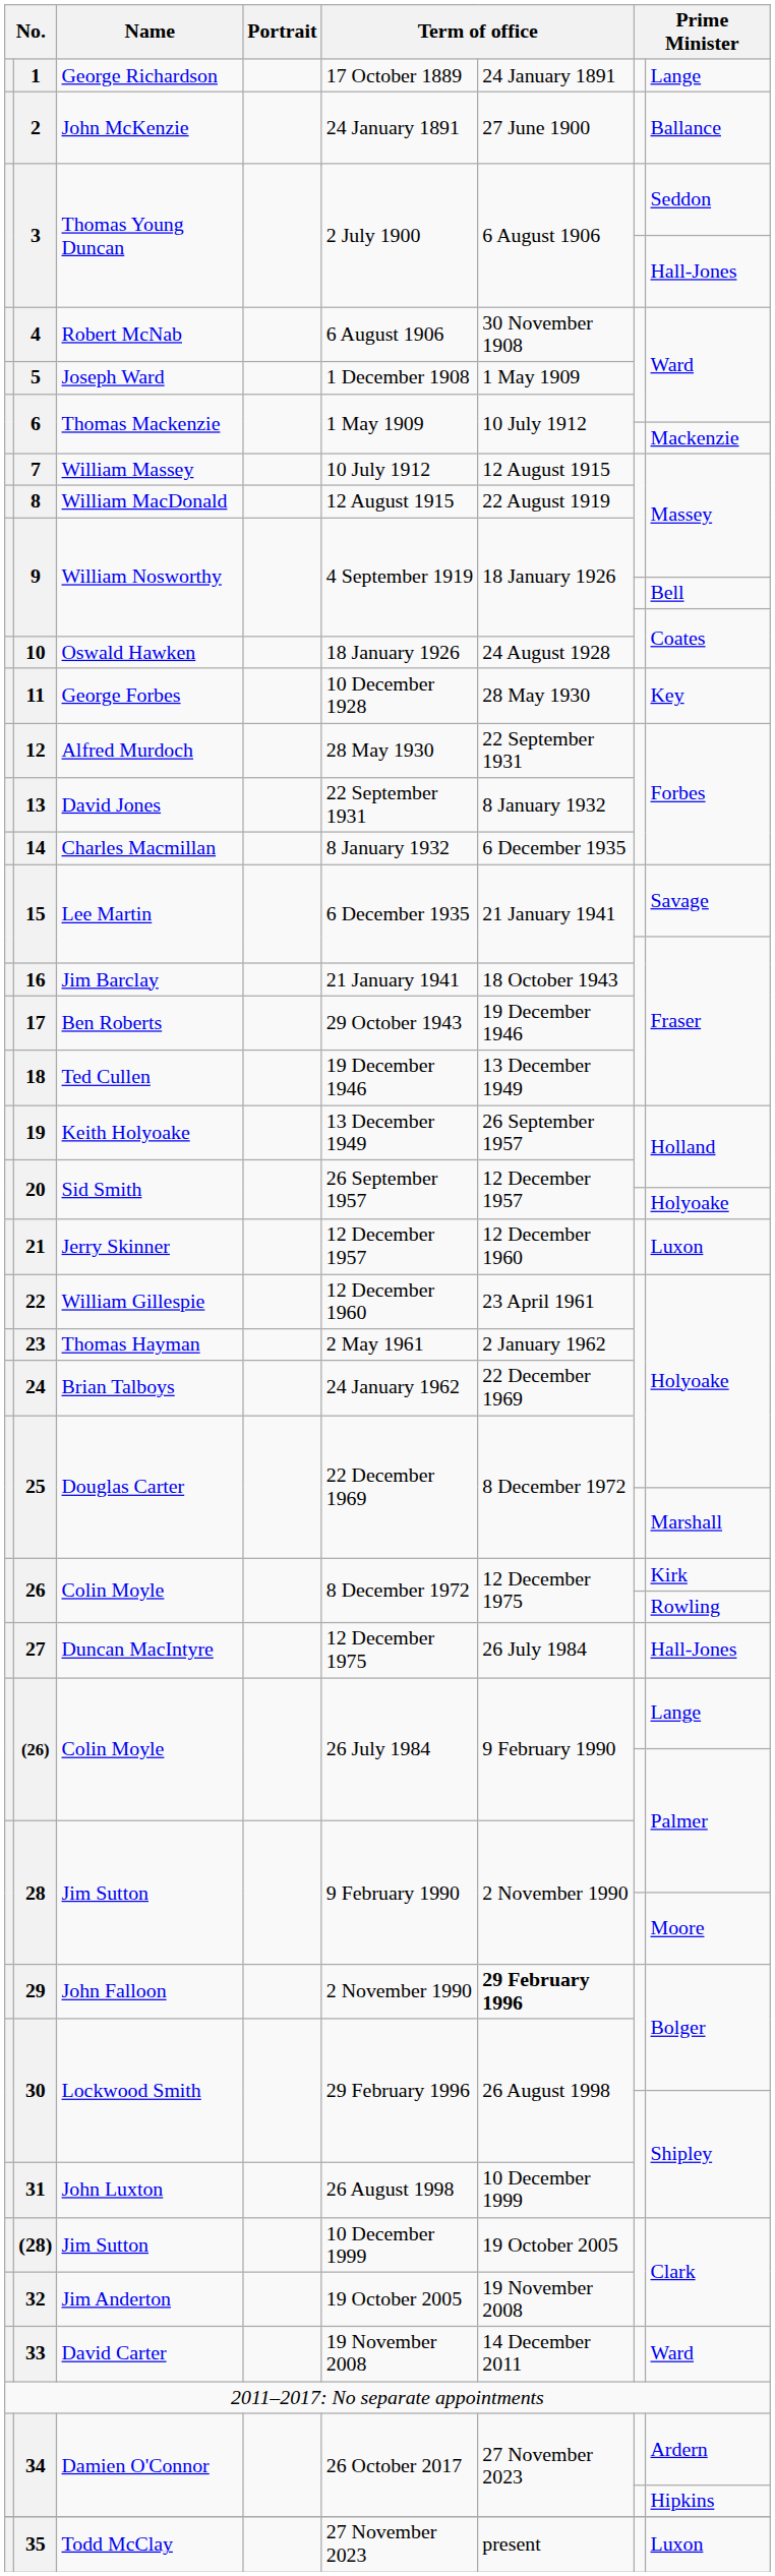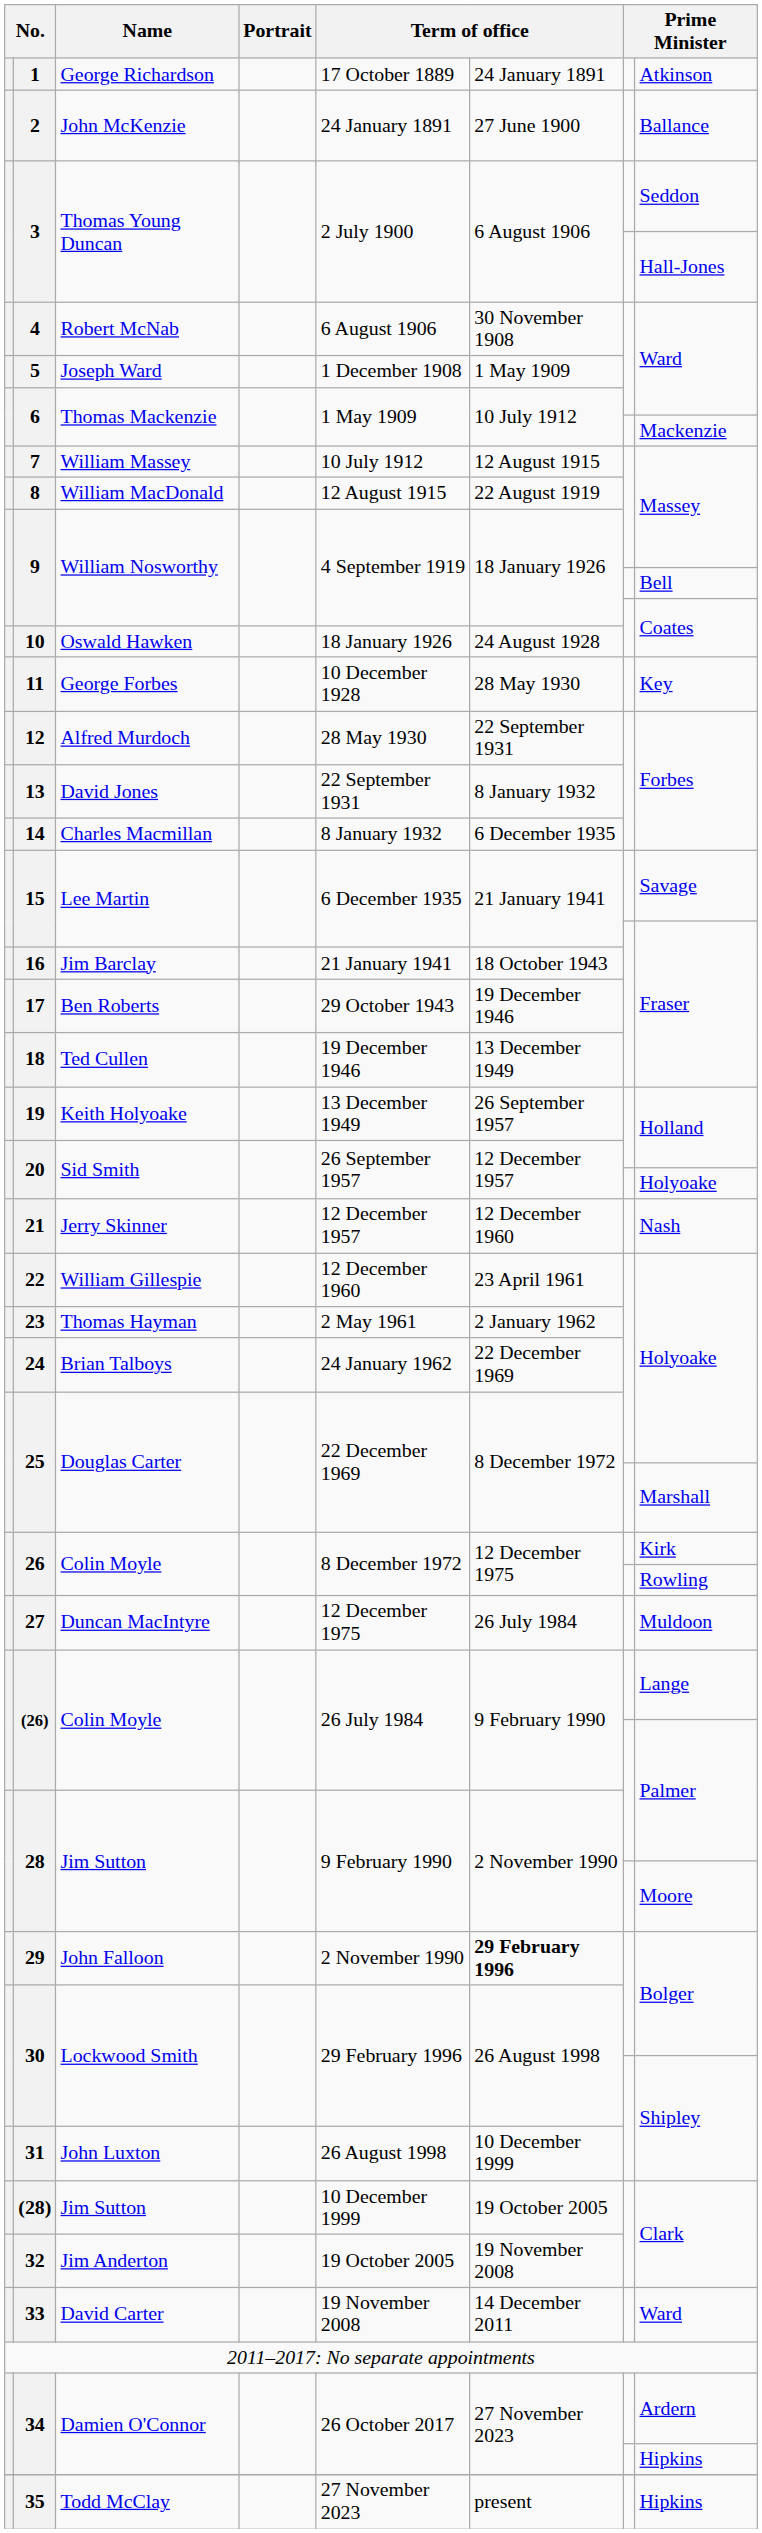 <table class="wikitable">
 <tr>
 <th colspan="2">No.</th>
 <th>Name</th>
 <th>Portrait</th>
 <th colspan="2">Term of office</th>
 <th colspan="2">Prime Minister</th>
 </tr>
 <tr>
 <th style="color:inherit;background:"></th>
 <th>1</th>
 <td><a href='#'>George Richardson</a></td>
 <td></td>
 <td>17 October 1889</td>
 <td>24 January 1891</td>
 <td style="color:inherit;background:"></td>
-<td><a href='#'>Lange</a></td>
+<td><a href='#'>Atkinson</a></td>
 </tr>
 <tr>
 <th rowspan=2 style="color:inherit;background:"></th>
 <th rowspan=2>2</th>
 <td rowspan=2><a href='#'>John McKenzie</a></td>
 <td rowspan=2></td>
 <td rowspan=2>24 January 1891</td>
 <td rowspan=2>27 June 1900</td>
 <td height=50 style="color:inherit;background:"></td>
 <td><a href='#'>Ballance</a></td>
 </tr>
 <tr>
 <td rowspan=2 style="color:inherit;background:"></td>
 <td rowspan=2><a href='#'>Seddon</a></td>
 </tr>
 <tr>
 <th height=50 style="border-bottom:solid 0 grey; background:"></th>
 <th rowspan=2>3</th>
 <td rowspan=2><a href='#'>Thomas Young Duncan</a></td>
 <td rowspan=2></td>
 <td rowspan=2>2 July 1900</td>
 <td rowspan=2>6 August 1906</td>
 </tr>
 <tr>
 <th height=50 style="border-top:solid 0 grey; background:"></th>
 <td style="color:inherit;background:"></td>
 <td><a href='#'>Hall-Jones</a></td>
 </tr>
 <tr>
 <th style="color:inherit;background:"></th>
 <th>4</th>
 <td><a href='#'>Robert McNab</a></td>
 <td></td>
 <td>6 August 1906</td>
 <td>30 November 1908</td>
 <td rowspan="3" style="color:inherit;background:"></td>
 <td rowspan="3"><a href='#'>Ward</a></td>
 </tr>
 <tr>
 <th style="color:inherit;background:"></th>
 <th>5</th>
 <td><a href='#'>Joseph Ward</a></td>
 <td></td>
 <td>1 December 1908</td>
 <td>1 May 1909</td>
 </tr>
 <tr>
 <th height=15 style="border-bottom:solid 0 grey; background:"></th>
 <th rowspan="2">6</th>
 <td rowspan="2"><a href='#'>Thomas Mackenzie</a></td>
 <td rowspan="2"></td>
 <td rowspan="2">1 May 1909</td>
 <td rowspan="2">10 July 1912</td>
 </tr>
 <tr>
 <th height=15 style="border-top:solid 0 grey; background:"></th>
 <td style="color:inherit;background:"></td>
 <td><a href='#'>Mackenzie</a></td>
 </tr>
 <tr>
 <th style="color:inherit;background:"></th>
 <th>7</th>
 <td><a href='#'>William Massey</a></td>
 <td></td>
 <td>10 July 1912</td>
 <td>12 August 1915</td>
 <td rowspan=2 style="border-bottom:solid 0 grey; background:"></td>
 <td rowspan=3><a href='#'>Massey</a></td>
 </tr>
 <tr>
 <th style="color:inherit;background:"></th>
 <th>8</th>
 <td><a href='#'>William MacDonald</a></td>
 <td></td>
 <td>12 August 1915</td>
 <td>22 August 1919</td>
 </tr>
 <tr>
 <th rowspan=3 style="color:inherit;background:"></th>
 <th rowspan=3>9</th>
 <td rowspan=3><a href='#'>William Nosworthy</a></td>
 <td rowspan=3></td>
 <td rowspan=3>4 September 1919</td>
 <td rowspan=3>18 January 1926</td>
 <td height=40 style="border-top:solid 0 grey; background:"></td>
 </tr>
 <tr>
 <td height=15 style="color:inherit;background:"></td>
 <td><a href='#'>Bell</a></td>
 </tr>
 <tr>
 <td height=15 style="border-bottom:solid 0 grey; background:"></td>
 <td rowspan=2><a href='#'>Coates</a></td>
 </tr>
 <tr>
 <th style="color:inherit;background:"></th>
 <th>10</th>
 <td><a href='#'>Oswald Hawken</a></td>
 <td></td>
 <td>18 January 1926</td>
 <td>24 August 1928</td>
 <td style="border-top:solid 0 grey; background:"></td>
 </tr>
 <tr>
 <th style="color:inherit;background:"></th>
 <th>11</th>
 <td><a href='#'>George Forbes</a></td>
 <td></td>
 <td>10 December 1928</td>
 <td>28 May 1930</td>
 <td style="color:inherit;background:"></td>
 <td><a href='#'>Key</a></td>
 </tr>
 <tr>
 <th style="color:inherit;background:"></th>
 <th>12</th>
 <td><a href='#'>Alfred Murdoch</a></td>
 <td></td>
 <td>28 May 1930</td>
 <td>22 September 1931</td>
 <td rowspan=3 style="color:inherit;background:"></td>
 <td rowspan=3><a href='#'>Forbes</a></td>
 </tr>
 <tr>
 <th style="color:inherit;background:"></th>
 <th>13</th>
 <td><a href='#'>David Jones</a></td>
 <td></td>
 <td>22 September 1931</td>
 <td>8 January 1932</td>
 </tr>
 <tr>
 <th style="color:inherit;background:"></th>
 <th>14</th>
 <td><a href='#'>Charles Macmillan</a></td>
 <td></td>
 <td>8 January 1932</td>
 <td>6 December 1935</td>
 </tr>
 <tr>
 <th height=50 style="border-bottom:solid 0 grey; background:"></th>
 <th rowspan=2>15</th>
 <td rowspan=2><a href='#'>Lee Martin</a></td>
 <td rowspan=2></td>
 <td rowspan=2>6 December 1935</td>
 <td rowspan=2>21 January 1941</td>
 <td style="color:inherit;background:"></td>
 <td><a href='#'>Savage</a></td>
 </tr>
 <tr>
 <th height=15 style="border-top:solid 0 grey; background:"></th>
 <td style="border-bottom:solid 0 grey; background:"></td>
 <td rowspan=4><a href='#'>Fraser</a></td>
 </tr>
 <tr>
 <th style="color:inherit;background:"></th>
 <th>16</th>
 <td><a href='#'>Jim Barclay</a></td>
 <td></td>
 <td>21 January 1941</td>
 <td>18 October 1943</td>
 <td rowspan=3 style="border-top:solid 0 grey; background:"></td>
 </tr>
 <tr>
 <th style="color:inherit;background:"></th>
 <th>17</th>
 <td><a href='#'>Ben Roberts</a></td>
 <td></td>
 <td>29 October 1943</td>
 <td>19 December 1946</td>
 </tr>
 <tr>
 <th style="color:inherit;background:"></th>
 <th>18</th>
 <td><a href='#'>Ted Cullen</a></td>
 <td></td>
 <td>19 December 1946</td>
 <td>13 December 1949</td>
 </tr>
 <tr>
 <th style="color:inherit;background:"></th>
 <th>19</th>
 <td><a href='#'>Keith Holyoake</a></td>
 <td></td>
 <td>13 December 1949</td>
 <td>26 September 1957</td>
 <td rowspan="2" style="color:inherit;background:"></td>
 <td rowspan="2"><a href='#'>Holland</a></td>
 </tr>
 <tr>
 <th height=15 style="border-bottom:solid 0 grey; background:"></th>
 <th rowspan="2">20</th>
 <td rowspan="2"><a href='#'>Sid Smith</a></td>
 <td rowspan="2"></td>
 <td rowspan="2">26 September 1957</td>
 <td rowspan="2">12 December 1957</td>
 </tr>
 <tr>
 <th height=15 style="border-top:solid 0 grey; background:"></th>
 <td style="color:inherit;background:"></td>
 <td><a href='#'>Holyoake</a></td>
 </tr>
 <tr>
 <th style="color:inherit;background:"></th>
 <th>21</th>
 <td><a href='#'>Jerry Skinner</a></td>
 <td></td>
 <td>12 December 1957</td>
 <td>12 December 1960</td>
 <td style="color:inherit;background:"></td>
-<td><a href='#'>Luxon</a></td>
+<td><a href='#'>Nash</a></td>
 </tr>
 <tr>
 <th style="color:inherit;background:"></th>
 <th>22</th>
 <td><a href='#'>William Gillespie</a></td>
 <td></td>
 <td>12 December 1960</td>
 <td>23 April 1961</td>
 <td rowspan=3 style="border-bottom:solid 0 grey; background:"></td>
 <td rowspan=4><a href='#'>Holyoake</a></td>
 </tr>
 <tr>
 <th style="color:inherit;background:"></th>
 <th>23</th>
 <td><a href='#'>Thomas Hayman</a></td>
 <td></td>
 <td>2 May 1961</td>
 <td>2 January 1962</td>
 </tr>
 <tr>
 <th style="color:inherit;background:"></th>
 <th>24</th>
 <td><a href='#'>Brian Talboys</a></td>
 <td></td>
 <td>24 January 1962</td>
 <td>22 December 1969</td>
 </tr>
 <tr>
 <th height=50 style="border-bottom:solid 0 grey; background:"></th>
 <th rowspan=2>25</th>
 <td rowspan=2><a href='#'>Douglas Carter</a></td>
 <td rowspan=2></td>
 <td rowspan=2>22 December 1969</td>
 <td rowspan=2>8 December 1972</td>
 <td style="border-top:solid 0 grey; background:"></td>
 </tr>
 <tr>
 <th height=50 style="border-top:solid 0 grey; background:"></th>
 <td style="color:inherit;background:"></td>
 <td><a href='#'>Marshall</a></td>
 </tr>
 <tr>
 <th rowspan=2 style="color:inherit;background:"></th>
 <th rowspan=2>26</th>
 <td rowspan=2><a href='#'>Colin Moyle</a></td>
 <td rowspan=2></td>
 <td rowspan=2>8 December 1972</td>
 <td rowspan=2>12 December 1975</td>
 <td style="color:inherit;background:"></td>
 <td><a href='#'>Kirk</a></td>
 </tr>
 <tr>
 <td style="color:inherit;background:"></td>
 <td><a href='#'>Rowling</a></td>
 </tr>
 <tr>
 <th style="color:inherit;background:"></th>
 <th>27</th>
 <td><a href='#'>Duncan MacIntyre</a></td>
 <td></td>
 <td>12 December 1975</td>
 <td>26 July 1984</td>
 <td style="color:inherit;background:"></td>
-<td><a href='#'>Hall-Jones</a></td>
+<td><a href='#'>Muldoon</a></td>
 </tr>
 <tr>
 <th height=50 style="border-bottom:solid 0 grey; background:"></th>
 <th rowspan=2><small>(26)</small></th>
 <td rowspan=2><a href='#'>Colin Moyle</a></td>
 <td rowspan=2></td>
 <td rowspan=2>26 July 1984</td>
 <td rowspan=2>9 February 1990</td>
 <td style="color:inherit;background:"></td>
 <td><a href='#'>Lange</a></td>
 </tr>
 <tr>
 <th height=50 style="border-top:solid 0 grey; background:"></th>
 <td rowspan=2 style="color:inherit;background:"></td>
 <td rowspan=2><a href='#'>Palmer</a></td>
 </tr>
 <tr>
 <th height=50 style="border-bottom:solid 0 grey; background:"></th>
 <th rowspan=2>28</th>
 <td rowspan=2><a href='#'>Jim Sutton</a></td>
 <td rowspan=2></td>
 <td rowspan=2>9 February 1990</td>
 <td rowspan=2>2 November 1990</td>
 </tr>
 <tr>
 <th height=50 style="border-top:solid 0 grey; background:"></th>
 <td style="color:inherit;background:"></td>
 <td><a href='#'>Moore</a></td>
 </tr>
 <tr>
 <th style="color:inherit;background:"></th>
 <th>29</th>
 <td><a href='#'>John Falloon</a></td>
 <td></td>
 <td>2 November 1990</td>
 <td><strong>29 February 1996</strong></td>
 <td rowspan="2" style="color:inherit;background:"></td>
 <td rowspan="2"><a href='#'>Bolger</a></td>
 </tr>
 <tr>
 <th height=50 style="border-bottom:solid 0 grey; background:"></th>
 <th rowspan="2">30</th>
 <td rowspan="2"><a href='#'>Lockwood Smith</a></td>
 <td rowspan="2"></td>
 <td rowspan="2">29 February 1996</td>
 <td rowspan="2">26 August 1998</td>
 </tr>
 <tr>
 <th height=50 style="border-top:solid 0 grey; background:"></th>
 <td rowspan="2" style="color:inherit;background:"></td>
 <td rowspan="2"><a href='#'>Shipley</a></td>
 </tr>
 <tr>
 <th style="color:inherit;background:"></th>
 <th>31</th>
 <td><a href='#'>John Luxton</a></td>
 <td></td>
 <td>26 August 1998</td>
 <td>10 December 1999</td>
 </tr>
 <tr>
 <th style="color:inherit;background:"></th>
 <th>(28)</th>
 <td><a href='#'>Jim Sutton</a></td>
 <td></td>
 <td>10 December 1999</td>
 <td>19 October 2005</td>
 <td rowspan=2 style="color:inherit;background:"></td>
 <td rowspan=2><a href='#'>Clark</a></td>
 </tr>
 <tr>
 <th style="color:inherit;background:"></th>
 <th>32</th>
 <td><a href='#'>Jim Anderton</a></td>
 <td></td>
 <td>19 October 2005</td>
 <td>19 November 2008</td>
 </tr>
 <tr>
 <th style="color:inherit;background:"></th>
 <th>33</th>
 <td><a href='#'>David Carter</a></td>
 <td></td>
 <td>19 November 2008</td>
 <td>14 December 2011</td>
 <td style="color:inherit;background:"></td>
 <td><a href='#'>Ward</a></td>
 </tr>
 <tr>
 <td colspan=8 align=center><em>2011–2017: No separate appointments</em></td>
 </tr>
 <tr>
 <th height=50 style="border-bottom:solid 0 grey; background:"></th>
 <th rowspan=2>34</th>
 <td rowspan=2><a href='#'>Damien O'Connor</a></td>
 <td rowspan=2></td>
 <td rowspan=2>26 October 2017</td>
 <td rowspan=2>27 November 2023</td>
 <td style="color:inherit;background:"></td>
 <td><a href='#'>Ardern</a></td>
 </tr>
 <tr>
 <th height=15 style="border-top:solid 0 grey; background:"></th>
 <td style="color:inherit;background:"></td>
 <td><a href='#'>Hipkins</a></td>
 </tr>
 <tr>
 </tr>
 <tr>
 <th style="color:inherit;background:"></th>
 <th>35</th>
 <td><a href='#'>Todd McClay</a></td>
 <td></td>
 <td>27 November 2023</td>
 <td>present</td>
 <td style="color:inherit;background:"></td>
-<td><a href='#'>Luxon</a></td>
+<td><a href='#'>Hipkins</a></td>
 </tr>
 </table>
